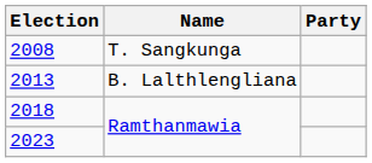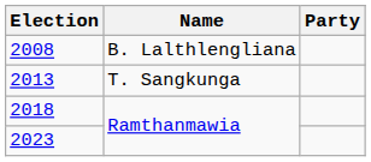 <table class="wikitable sortable">
 <tr>
 <th>Election</th>
 <th>Name</th>
 <th colspan=2>Party</th>
 </tr>
 <tr>
 <td><a href='#'>2008</a></td>
-<td>T. Sangkunga</td>
+<td>B. Lalthlengliana</td>
 <td></td>
 </tr>
 <tr>
 <td><a href='#'>2013</a></td>
-<td>B. Lalthlengliana</td>
+<td>T. Sangkunga</td>
 <td></td>
 </tr>
 <tr>
 <td><a href='#'>2018</a></td>
 <td rowspan=2><a href='#'>Ramthanmawia</a></td>
 <td></td>
 </tr>
 <tr>
 <td><a href='#'>2023</a></td>
 </tr>
 </table>
